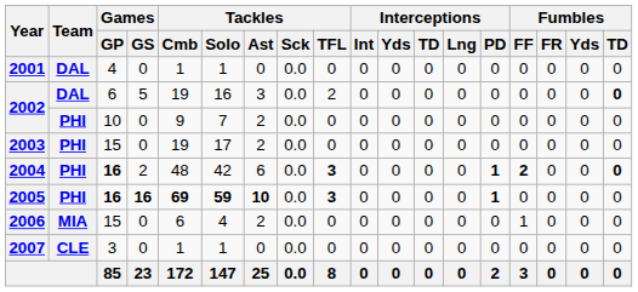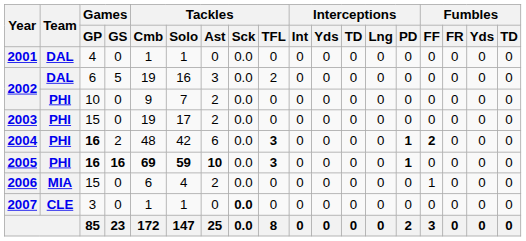 <table class="wikitable" style="text-align:center">
 <tr>
 <th rowspan="2">Year</th>
 <th rowspan="2">Team</th>
 <th colspan="2">Games</th>
 <th colspan="5">Tackles</th>
 <th colspan="5">Interceptions</th>
 <th colspan="4">Fumbles</th>
 </tr>
 <tr>
 <th>GP</th>
 <th>GS</th>
 <th>Cmb</th>
 <th>Solo</th>
 <th>Ast</th>
 <th>Sck</th>
 <th>TFL</th>
 <th>Int</th>
 <th>Yds</th>
 <th>TD</th>
 <th>Lng</th>
 <th>PD</th>
 <th>FF</th>
 <th>FR</th>
 <th>Yds</th>
 <th>TD</th>
 </tr>
 <tr>
 <th><a href='#'>2001</a></th>
 <th><a href='#'>DAL</a></th>
 <td>4</td>
 <td>0</td>
 <td>1</td>
 <td>1</td>
 <td>0</td>
 <td>0.0</td>
 <td>0</td>
 <td>0</td>
 <td>0</td>
 <td>0</td>
 <td>0</td>
 <td>0</td>
 <td>0</td>
 <td>0</td>
 <td>0</td>
 <td>0</td>
 </tr>
 <tr>
 <th rowspan="2"><a href='#'>2002</a></th>
 <th><a href='#'>DAL</a></th>
 <td>6</td>
 <td>5</td>
 <td>19</td>
 <td>16</td>
 <td>3</td>
 <td>0.0</td>
 <td>2</td>
 <td>0</td>
 <td>0</td>
 <td>0</td>
 <td>0</td>
 <td>0</td>
 <td>0</td>
 <td>0</td>
 <td>0</td>
-<td><strong>0</strong></td>
+<td>0</td>
 </tr>
 <tr>
 <th><a href='#'>PHI</a></th>
 <td>10</td>
 <td>0</td>
 <td>9</td>
 <td>7</td>
 <td>2</td>
 <td>0.0</td>
 <td>0</td>
 <td>0</td>
 <td>0</td>
 <td>0</td>
 <td>0</td>
 <td>0</td>
 <td>0</td>
 <td>0</td>
 <td>0</td>
 <td>0</td>
 </tr>
 <tr>
 <th><a href='#'>2003</a></th>
 <th><a href='#'>PHI</a></th>
 <td>15</td>
 <td>0</td>
 <td>19</td>
 <td>17</td>
 <td>2</td>
 <td>0.0</td>
 <td>0</td>
 <td>0</td>
 <td>0</td>
 <td>0</td>
 <td>0</td>
 <td>0</td>
 <td>0</td>
 <td>0</td>
 <td>0</td>
 <td>0</td>
 </tr>
 <tr>
 <th><a href='#'>2004</a></th>
 <th><a href='#'>PHI</a></th>
 <td><strong>16</strong></td>
 <td>2</td>
 <td>48</td>
 <td>42</td>
 <td>6</td>
 <td>0.0</td>
 <td><strong>3</strong></td>
 <td>0</td>
 <td>0</td>
 <td>0</td>
 <td>0</td>
 <td><strong>1</strong></td>
 <td><strong>2</strong></td>
 <td>0</td>
 <td>0</td>
-<td><strong>0</strong></td>
+<td>0</td>
 </tr>
 <tr>
 <th><a href='#'>2005</a></th>
 <th><a href='#'>PHI</a></th>
 <td><strong>16</strong></td>
 <td><strong>16</strong></td>
 <td><strong>69</strong></td>
 <td><strong>59</strong></td>
 <td><strong>10</strong></td>
 <td>0.0</td>
 <td><strong>3</strong></td>
 <td>0</td>
 <td>0</td>
 <td>0</td>
 <td>0</td>
 <td><strong>1</strong></td>
 <td>0</td>
 <td>0</td>
 <td>0</td>
 <td>0</td>
 </tr>
 <tr>
 <th><a href='#'>2006</a></th>
 <th><a href='#'>MIA</a></th>
 <td>15</td>
 <td>0</td>
 <td>6</td>
 <td>4</td>
 <td>2</td>
 <td>0.0</td>
 <td>0</td>
 <td>0</td>
 <td>0</td>
 <td>0</td>
 <td>0</td>
 <td>0</td>
 <td>1</td>
 <td>0</td>
 <td>0</td>
 <td>0</td>
 </tr>
 <tr>
 <th><a href='#'>2007</a></th>
 <th><a href='#'>CLE</a></th>
 <td>3</td>
 <td>0</td>
 <td>1</td>
 <td>1</td>
 <td>0</td>
-<td>0.0</td>
+<td><strong>0.0</strong></td>
 <td>0</td>
 <td>0</td>
 <td>0</td>
 <td>0</td>
 <td>0</td>
 <td>0</td>
 <td>0</td>
 <td>0</td>
 <td>0</td>
 <td>0</td>
 </tr>
 <tr>
 <th colspan="2"></th>
 <th>85</th>
 <th>23</th>
 <th>172</th>
 <th>147</th>
 <th>25</th>
 <th>0.0</th>
 <th>8</th>
 <th>0</th>
 <th>0</th>
 <th>0</th>
 <th>0</th>
 <th>2</th>
 <th>3</th>
 <th>0</th>
 <th>0</th>
 <th>0</th>
 </tr>
 </table>
